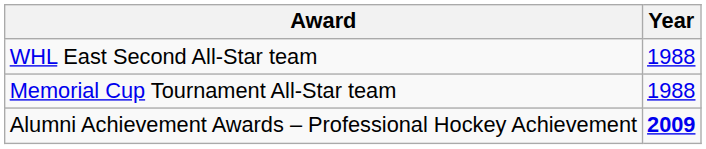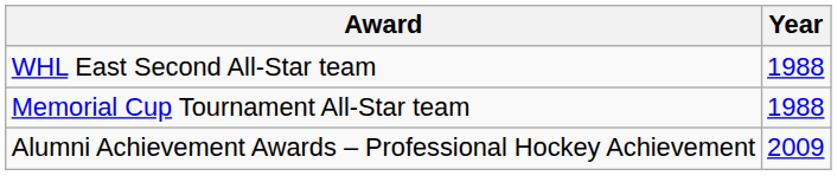 <table class="wikitable">
 <tr>
 <th>Award</th>
 <th>Year</th>
 </tr>
 <tr>
 <td><a href='#'>WHL</a> East Second All-Star team</td>
 <td><a href='#'>1988</a></td>
 </tr>
 <tr>
 <td><a href='#'>Memorial Cup</a> Tournament All-Star team</td>
 <td><a href='#'>1988</a></td>
 </tr>
 <tr>
 <td>Alumni Achievement Awards – Professional Hockey Achievement</td>
-<td><strong><a href='#'>2009</a></strong></td>
+<td><a href='#'>2009</a></td>
 </tr>
 </table>
